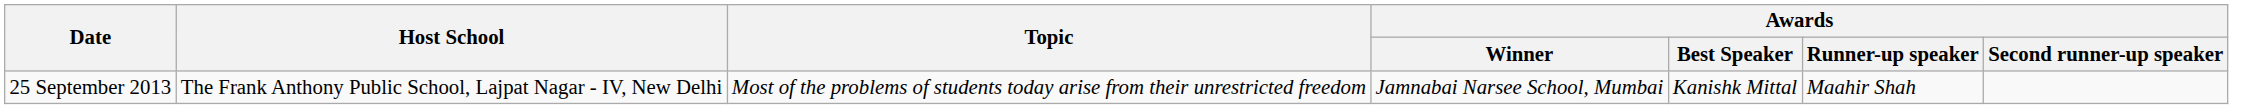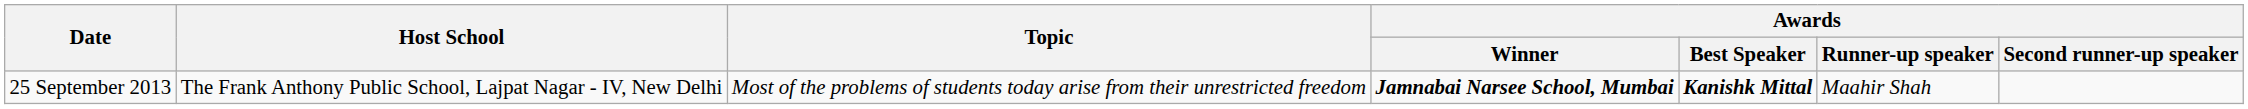 <table class="wikitable">
 <tr>
 <th rowspan="2">Date</th>
 <th rowspan="2">Host School</th>
 <th rowspan="2">Topic</th>
 <th colspan="4">Awards</th>
 </tr>
 <tr>
 <th>Winner</th>
 <th>Best Speaker</th>
 <th>Runner-up speaker</th>
 <th>Second runner-up speaker</th>
 </tr>
 <tr>
 <td align="center">25 September 2013</td>
 <td>The Frank Anthony Public School, Lajpat Nagar - IV, New Delhi</td>
 <td><em>Most of the problems of students today arise from their unrestricted freedom</em></td>
-<td><em>Jamnabai Narsee School, Mumbai</em></td>
-<td><em>Kanishk Mittal</em></td>
+<td><strong><em>Jamnabai Narsee School, Mumbai</em></strong></td>
+<td><strong><em>Kanishk Mittal</em></strong></td>
 <td><em>Maahir Shah</em></td>
 <td></td>
 </tr>
 </table>
